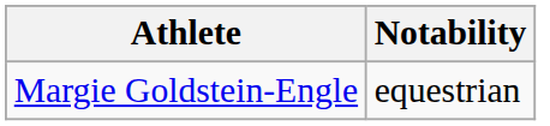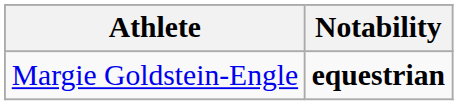 <table class="wikitable">
 <tr>
 <th>Athlete</th>
 <th>Notability</th>
 </tr>
 <tr>
 <td><a href='#'>Margie Goldstein-Engle</a></td>
-<td>equestrian</td>
+<td><strong>equestrian</strong></td>
 </tr>
 </table>
